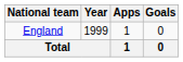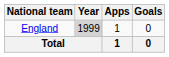 <table class=wikitable style="text-align: center">
 <tr>
 <th>National team</th>
 <th>Year</th>
 <th>Apps</th>
 <th>Goals</th>
 </tr>
 <tr>
 <td><a href='#'>England</a></td>
-<td>1999</td>
+<td style="background: lightgrey;">1999</td>
 <td>1</td>
 <td>0</td>
 </tr>
 <tr>
 <th colspan=2>Total</th>
 <th>1</th>
 <th>0</th>
 </tr>
 </table>
